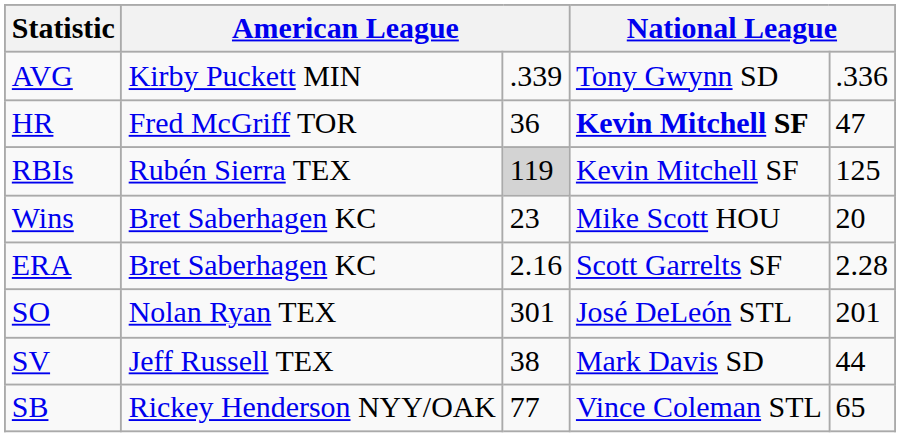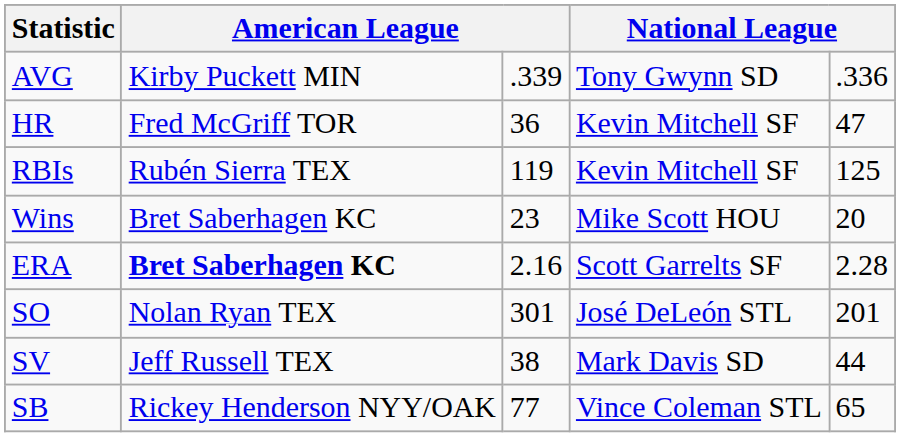 <table class="wikitable">
 <tr>
 <th>Statistic</th>
 <th colspan=2><a href='#'>American League</a></th>
 <th colspan=2><a href='#'>National League</a></th>
 </tr>
 <tr>
 <td><a href='#'>AVG</a></td>
 <td><a href='#'>Kirby Puckett</a> MIN</td>
 <td>.339</td>
 <td><a href='#'>Tony Gwynn</a> SD</td>
 <td>.336</td>
 </tr>
 <tr>
 <td><a href='#'>HR</a></td>
 <td><a href='#'>Fred McGriff</a> TOR</td>
 <td>36</td>
-<td><strong><a href='#'>Kevin Mitchell</a> SF</strong></td>
+<td><a href='#'>Kevin Mitchell</a> SF</td>
 <td>47</td>
 </tr>
 <tr>
 <td><a href='#'>RBIs</a></td>
 <td><a href='#'>Rubén Sierra</a> TEX</td>
-<td style="background: lightgrey;">119</td>
+<td>119</td>
 <td><a href='#'>Kevin Mitchell</a> SF</td>
 <td>125</td>
 </tr>
 <tr>
 <td><a href='#'>Wins</a></td>
 <td><a href='#'>Bret Saberhagen</a> KC</td>
 <td>23</td>
 <td><a href='#'>Mike Scott</a> HOU</td>
 <td>20</td>
 </tr>
 <tr>
 <td><a href='#'>ERA</a></td>
-<td><a href='#'>Bret Saberhagen</a> KC</td>
+<td><strong><a href='#'>Bret Saberhagen</a> KC</strong></td>
 <td>2.16</td>
 <td><a href='#'>Scott Garrelts</a> SF</td>
 <td>2.28</td>
 </tr>
 <tr>
 <td><a href='#'>SO</a></td>
 <td><a href='#'>Nolan Ryan</a> TEX</td>
 <td>301</td>
 <td><a href='#'>José DeLeón</a> STL</td>
 <td>201</td>
 </tr>
 <tr>
 <td><a href='#'>SV</a></td>
 <td><a href='#'>Jeff Russell</a> TEX</td>
 <td>38</td>
 <td><a href='#'>Mark Davis</a> SD</td>
 <td>44</td>
 </tr>
 <tr>
 <td><a href='#'>SB</a></td>
 <td><a href='#'>Rickey Henderson</a> NYY/OAK</td>
 <td>77</td>
 <td><a href='#'>Vince Coleman</a> STL</td>
 <td>65</td>
 </tr>
 </table>
